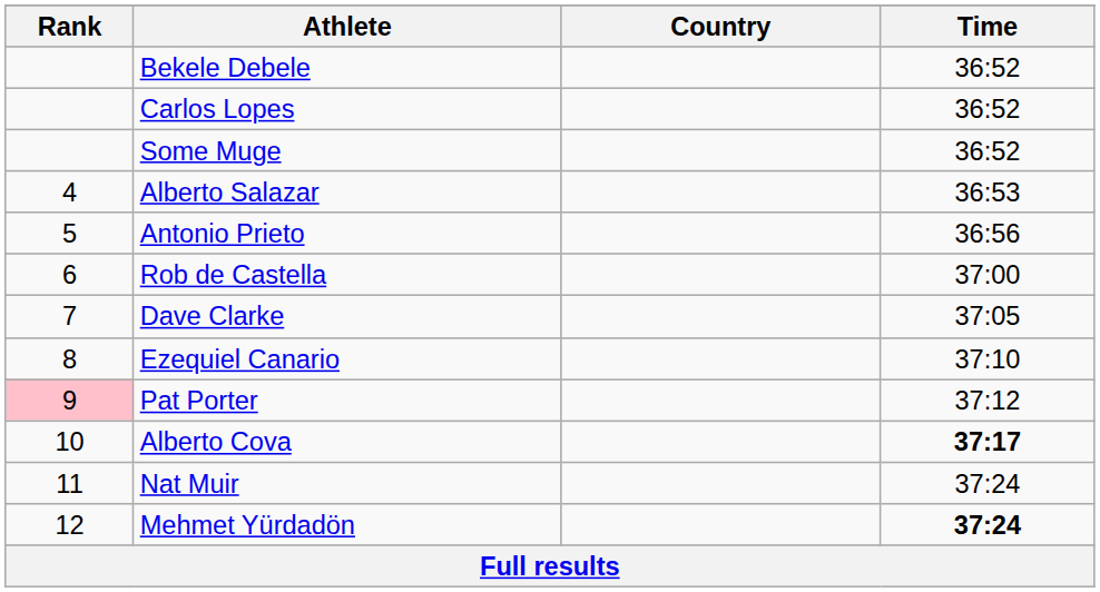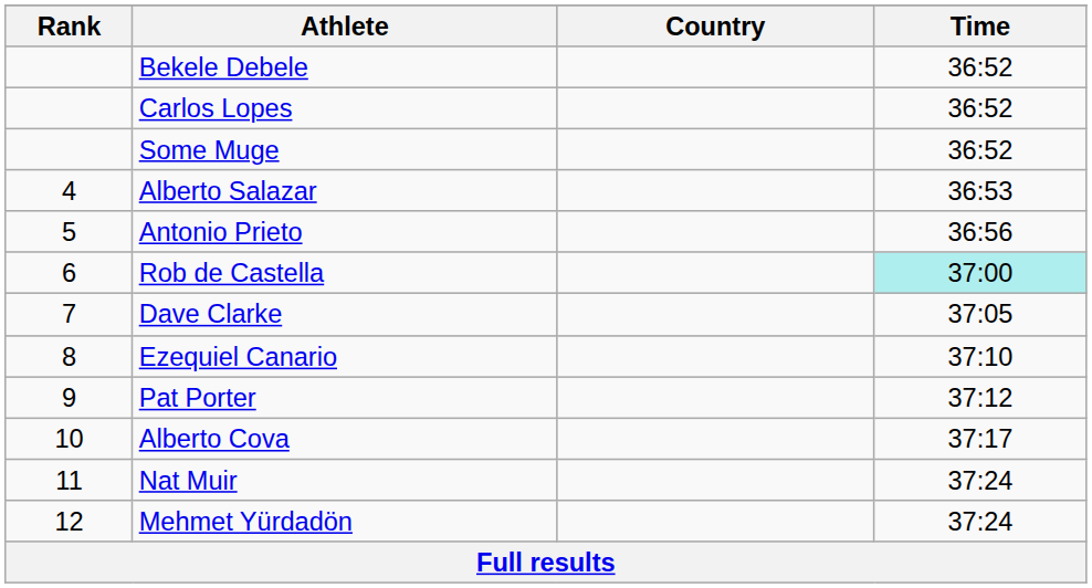 <table class="wikitable sortable" style=" text-align:center; font-size:95%;" width="50%">
 <tr>
 </tr>
 <tr>
 <th width=5%>Rank</th>
 <th width=20%>Athlete</th>
 <th width=15%>Country</th>
 <th width=10%>Time</th>
 </tr>
 <tr>
 <td align=center></td>
 <td align=left><a href='#'>Bekele Debele</a></td>
 <td align=left></td>
 <td>36:52</td>
 </tr>
 <tr>
 <td align=center></td>
 <td align=left><a href='#'>Carlos Lopes</a></td>
 <td align=left></td>
 <td>36:52</td>
 </tr>
 <tr>
 <td align=center></td>
 <td align=left><a href='#'>Some Muge</a></td>
 <td align=left></td>
 <td>36:52</td>
 </tr>
 <tr>
 <td align=center>4</td>
 <td align=left><a href='#'>Alberto Salazar</a></td>
 <td align=left></td>
 <td>36:53</td>
 </tr>
 <tr>
 <td align=center>5</td>
 <td align=left><a href='#'>Antonio Prieto</a></td>
 <td align=left></td>
 <td>36:56</td>
 </tr>
 <tr>
 <td align=center>6</td>
 <td align=left><a href='#'>Rob de Castella</a></td>
 <td align=left></td>
-<td>37:00</td>
+<td style="background: paleturquoise;">37:00</td>
 </tr>
 <tr>
 <td align=center>7</td>
 <td align=left><a href='#'>Dave Clarke</a></td>
 <td align=left></td>
 <td>37:05</td>
 </tr>
 <tr>
 <td align=center>8</td>
 <td align=left><a href='#'>Ezequiel Canario</a></td>
 <td align=left></td>
 <td>37:10</td>
 </tr>
 <tr>
-<td align=center style="background: pink;">9</td>
+<td align=center>9</td>
 <td align=left><a href='#'>Pat Porter</a></td>
 <td align=left></td>
 <td>37:12</td>
 </tr>
 <tr>
 <td align=center>10</td>
 <td align=left><a href='#'>Alberto Cova</a></td>
 <td align=left></td>
-<td><strong>37:17</strong></td>
+<td>37:17</td>
 </tr>
 <tr>
 <td align=center>11</td>
 <td align=left><a href='#'>Nat Muir</a></td>
 <td align=left></td>
 <td>37:24</td>
 </tr>
 <tr>
 <td align=center>12</td>
 <td align=left><a href='#'>Mehmet Yürdadön</a></td>
 <td align=left></td>
-<td><strong>37:24</strong></td>
+<td>37:24</td>
 </tr>
 <tr class="sortbottom">
 <th colspan=4 align=center><a href='#'>Full results</a></th>
 </tr>
 </table>
